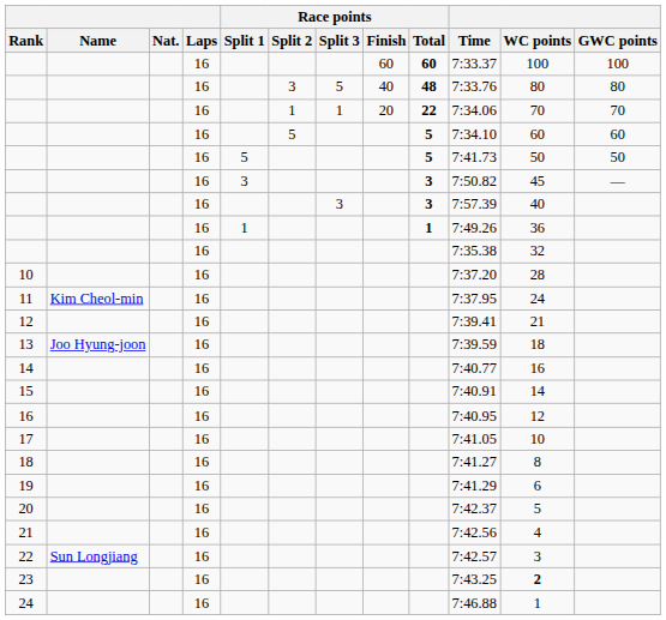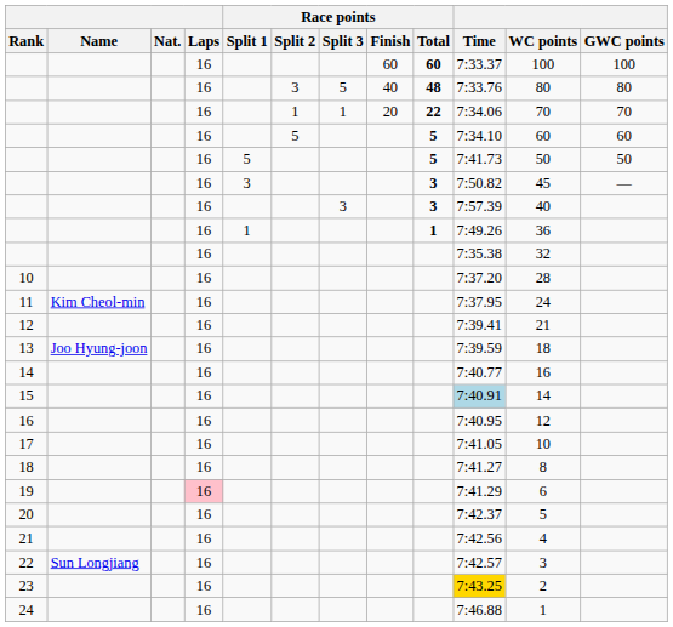 <table class="wikitable sortable" style="text-align:center">
 <tr>
 <th colspan=4></th>
 <th colspan=5>Race points</th>
 <th colspan=3></th>
 </tr>
 <tr>
 <th>Rank</th>
 <th>Name</th>
 <th>Nat.</th>
 <th>Laps</th>
 <th>Split 1</th>
 <th>Split 2</th>
 <th>Split 3</th>
 <th>Finish</th>
 <th>Total</th>
 <th>Time</th>
 <th>WC points</th>
 <th>GWC points</th>
 </tr>
 <tr>
 <td></td>
 <td align=left></td>
 <td></td>
 <td>16</td>
 <td></td>
 <td></td>
 <td></td>
 <td>60</td>
 <td><strong>60</strong></td>
 <td>7:33.37</td>
 <td>100</td>
 <td>100</td>
 </tr>
 <tr>
 <td></td>
 <td align=left></td>
 <td></td>
 <td>16</td>
 <td></td>
 <td>3</td>
 <td>5</td>
 <td>40</td>
 <td><strong>48</strong></td>
 <td>7:33.76</td>
 <td>80</td>
 <td>80</td>
 </tr>
 <tr>
 <td></td>
 <td align=left></td>
 <td></td>
 <td>16</td>
 <td></td>
 <td>1</td>
 <td>1</td>
 <td>20</td>
 <td><strong>22</strong></td>
 <td>7:34.06</td>
 <td>70</td>
 <td>70</td>
 </tr>
 <tr>
 <td></td>
 <td align=left></td>
 <td></td>
 <td>16</td>
 <td></td>
 <td>5</td>
 <td></td>
 <td></td>
 <td><strong>5</strong></td>
 <td>7:34.10</td>
 <td>60</td>
 <td>60</td>
 </tr>
 <tr>
 <td></td>
 <td align=left></td>
 <td></td>
 <td>16</td>
 <td>5</td>
 <td></td>
 <td></td>
 <td></td>
 <td><strong>5</strong></td>
 <td>7:41.73</td>
 <td>50</td>
 <td>50</td>
 </tr>
 <tr>
 <td></td>
 <td align=left></td>
 <td></td>
 <td>16</td>
 <td>3</td>
 <td></td>
 <td></td>
 <td></td>
 <td><strong>3</strong></td>
 <td>7:50.82</td>
 <td>45</td>
 <td>—</td>
 </tr>
 <tr>
 <td></td>
 <td align=left></td>
 <td></td>
 <td>16</td>
 <td></td>
 <td></td>
 <td>3</td>
 <td></td>
 <td><strong>3</strong></td>
 <td>7:57.39</td>
 <td>40</td>
 <td></td>
 </tr>
 <tr>
 <td></td>
 <td align=left></td>
 <td></td>
 <td>16</td>
 <td>1</td>
 <td></td>
 <td></td>
 <td></td>
 <td><strong>1</strong></td>
 <td>7:49.26</td>
 <td>36</td>
 <td></td>
 </tr>
 <tr>
 <td></td>
 <td align=left></td>
 <td></td>
 <td>16</td>
 <td></td>
 <td></td>
 <td></td>
 <td></td>
 <td></td>
 <td>7:35.38</td>
 <td>32</td>
 <td></td>
 </tr>
 <tr>
 <td>10</td>
 <td align=left></td>
 <td></td>
 <td>16</td>
 <td></td>
 <td></td>
 <td></td>
 <td></td>
 <td></td>
 <td>7:37.20</td>
 <td>28</td>
 <td></td>
 </tr>
 <tr>
 <td>11</td>
 <td align=left><a href='#'>Kim Cheol-min</a></td>
 <td></td>
 <td>16</td>
 <td></td>
 <td></td>
 <td></td>
 <td></td>
 <td></td>
 <td>7:37.95</td>
 <td>24</td>
 <td></td>
 </tr>
 <tr>
 <td>12</td>
 <td align=left></td>
 <td></td>
 <td>16</td>
 <td></td>
 <td></td>
 <td></td>
 <td></td>
 <td></td>
 <td>7:39.41</td>
 <td>21</td>
 <td></td>
 </tr>
 <tr>
 <td>13</td>
 <td align=left><a href='#'>Joo Hyung-joon</a></td>
 <td></td>
 <td>16</td>
 <td></td>
 <td></td>
 <td></td>
 <td></td>
 <td></td>
 <td>7:39.59</td>
 <td>18</td>
 <td></td>
 </tr>
 <tr>
 <td>14</td>
 <td align=left></td>
 <td></td>
 <td>16</td>
 <td></td>
 <td></td>
 <td></td>
 <td></td>
 <td></td>
 <td>7:40.77</td>
 <td>16</td>
 <td></td>
 </tr>
 <tr>
 <td>15</td>
 <td align=left></td>
 <td></td>
 <td>16</td>
 <td></td>
 <td></td>
 <td></td>
 <td></td>
 <td></td>
-<td>7:40.91</td>
+<td style="background: lightblue;">7:40.91</td>
 <td>14</td>
 <td></td>
 </tr>
 <tr>
 <td>16</td>
 <td align=left></td>
 <td></td>
 <td>16</td>
 <td></td>
 <td></td>
 <td></td>
 <td></td>
 <td></td>
 <td>7:40.95</td>
 <td>12</td>
 <td></td>
 </tr>
 <tr>
 <td>17</td>
 <td align=left></td>
 <td></td>
 <td>16</td>
 <td></td>
 <td></td>
 <td></td>
 <td></td>
 <td></td>
 <td>7:41.05</td>
 <td>10</td>
 <td></td>
 </tr>
 <tr>
 <td>18</td>
 <td align=left></td>
 <td></td>
 <td>16</td>
 <td></td>
 <td></td>
 <td></td>
 <td></td>
 <td></td>
 <td>7:41.27</td>
 <td>8</td>
 <td></td>
 </tr>
 <tr>
 <td>19</td>
 <td align=left></td>
 <td></td>
-<td>16</td>
+<td style="background: pink;">16</td>
 <td></td>
 <td></td>
 <td></td>
 <td></td>
 <td></td>
 <td>7:41.29</td>
 <td>6</td>
 <td></td>
 </tr>
 <tr>
 <td>20</td>
 <td align=left></td>
 <td></td>
 <td>16</td>
 <td></td>
 <td></td>
 <td></td>
 <td></td>
 <td></td>
 <td>7:42.37</td>
 <td>5</td>
 <td></td>
 </tr>
 <tr>
 <td>21</td>
 <td align=left></td>
 <td></td>
 <td>16</td>
 <td></td>
 <td></td>
 <td></td>
 <td></td>
 <td></td>
 <td>7:42.56</td>
 <td>4</td>
 <td></td>
 </tr>
 <tr>
 <td>22</td>
 <td align=left><a href='#'>Sun Longjiang</a></td>
 <td></td>
 <td>16</td>
 <td></td>
 <td></td>
 <td></td>
 <td></td>
 <td></td>
 <td>7:42.57</td>
 <td>3</td>
 <td></td>
 </tr>
 <tr>
 <td>23</td>
 <td align=left></td>
 <td></td>
 <td>16</td>
 <td></td>
 <td></td>
 <td></td>
 <td></td>
 <td></td>
-<td>7:43.25</td>
-<td><strong>2</strong></td>
+<td style="background: gold;">7:43.25</td>
+<td>2</td>
 <td></td>
 </tr>
 <tr>
 <td>24</td>
 <td align=left></td>
 <td></td>
 <td>16</td>
 <td></td>
 <td></td>
 <td></td>
 <td></td>
 <td></td>
 <td>7:46.88</td>
 <td>1</td>
 <td></td>
 </tr>
 </table>
